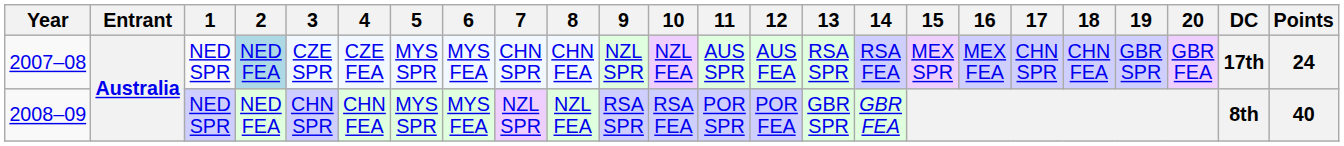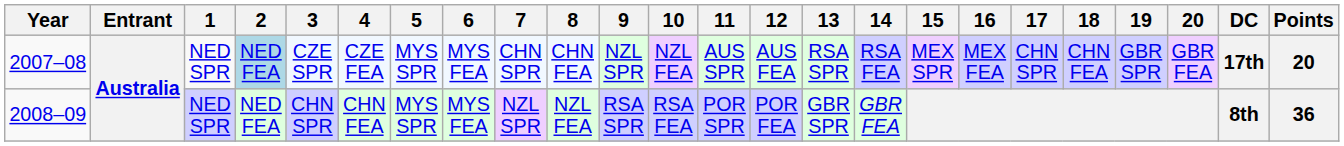 <table class="wikitable" style="text-align:center; font-size:85%">
 <tr>
 <th>Year</th>
 <th>Entrant</th>
 <th>1</th>
 <th>2</th>
 <th>3</th>
 <th>4</th>
 <th>5</th>
 <th>6</th>
 <th>7</th>
 <th>8</th>
 <th>9</th>
 <th>10</th>
 <th>11</th>
 <th>12</th>
 <th>13</th>
 <th>14</th>
 <th>15</th>
 <th>16</th>
 <th>17</th>
 <th>18</th>
 <th>19</th>
 <th>20</th>
 <th>DC</th>
 <th>Points</th>
 </tr>
 <tr>
 <td nowrap><a href='#'>2007–08</a></td>
 <th rowspan=2><a href='#'>Australia</a></th>
 <td><a href='#'>NED<br>SPR</a></td>
 <td style="background: lightblue;"><a href='#'>NED<br>FEA</a></td>
 <td style="background:#F1F8FF"><a href='#'>CZE<br>SPR</a><br></td>
 <td style="background:#F1F8FF"><a href='#'>CZE<br>FEA</a><br></td>
 <td style="background:#F1F8FF"><a href='#'>MYS<br>SPR</a><br></td>
 <td style="background:#F1F8FF"><a href='#'>MYS<br>FEA</a><br></td>
 <td style="background:#F1F8FF"><a href='#'>CHN<br>SPR</a><br></td>
 <td style="background:#F1F8FF"><a href='#'>CHN<br>FEA</a><br></td>
 <td style="background:#DFFFDF"><a href='#'>NZL<br>SPR</a><br></td>
 <td style="background:#EFCFFF"><a href='#'>NZL<br>FEA</a><br></td>
 <td style="background:#DFFFDF"><a href='#'>AUS<br>SPR</a><br></td>
 <td style="background:#DFFFDF"><a href='#'>AUS<br>FEA</a><br></td>
 <td style="background:#DFFFDF"><a href='#'>RSA<br>SPR</a><br></td>
 <td style="background:#CFCFFF"><a href='#'>RSA<br>FEA</a><br></td>
 <td style="background:#EFCFFF"><a href='#'>MEX<br>SPR</a><br></td>
 <td style="background:#CFCFFF"><a href='#'>MEX<br>FEA</a><br></td>
 <td style="background:#CFCFFF"><a href='#'>CHN<br>SPR</a><br></td>
 <td style="background:#CFCFFF"><a href='#'>CHN<br>FEA</a><br></td>
 <td style="background:#CFCFFF"><a href='#'>GBR<br>SPR</a><br></td>
 <td style="background:#EFCFFF"><a href='#'>GBR<br>FEA</a><br></td>
 <th>17th</th>
-<th>24</th>
+<th>20</th>
 </tr>
 <tr>
 <td><a href='#'>2008–09</a></td>
 <td style="background:#CFCFFF"><a href='#'>NED<br>SPR</a><br></td>
 <td style="background:#DFFFDF"><a href='#'>NED<br>FEA</a><br></td>
 <td style="background:#CFCFFF"><a href='#'>CHN<br>SPR</a><br></td>
 <td style="background:#DFFFDF"><a href='#'>CHN<br>FEA</a><br></td>
 <td style="background:#DFFFDF"><a href='#'>MYS<br>SPR</a><br></td>
 <td style="background:#DFFFDF"><a href='#'>MYS<br>FEA</a><br></td>
 <td style="background:#EFCFFF"><a href='#'>NZL<br>SPR</a><br></td>
 <td style="background:#DFFFDF"><a href='#'>NZL<br>FEA</a><br></td>
 <td style="background:#CFCFFF"><a href='#'>RSA<br>SPR</a><br></td>
 <td style="background:#CFCFFF"><a href='#'>RSA<br>FEA</a><br></td>
 <td style="background:#CFCFFF"><a href='#'>POR<br>SPR</a><br></td>
 <td style="background:#CFCFFF"><a href='#'>POR<br>FEA</a><br></td>
 <td style="background:#DFFFDF"><a href='#'>GBR<br>SPR</a><br></td>
 <td style="background:#DFFFDF"><em><a href='#'>GBR<br>FEA</a></em><br></td>
 <th colspan=6></th>
 <th>8th</th>
-<th>40</th>
+<th>36</th>
 </tr>
 </table>
